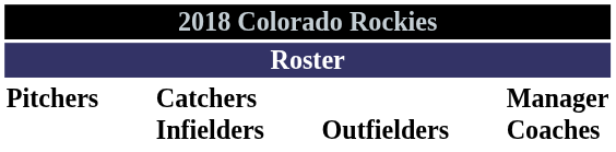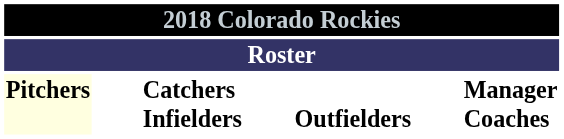 <table class="toccolours" style="font-size: 95%;">
 <tr>
 <th colspan="10" style="background-color: #000000; color: #C4CED4; text-align: center;">2018 Colorado Rockies</th>
 </tr>
 <tr>
 <td colspan="10" style="background-color: #333366; color: #FFFFFF; text-align: center;"><strong>Roster</strong></td>
 </tr>
 <tr>
-<td valign="top"><strong>Pitchers</strong><br>                    </td>
+<td valign="top" style="background: lightyellow;"><strong>Pitchers</strong><br>                    </td>
 <td width="25px"></td>
 <td valign="top"><strong>Catchers</strong><br>    <strong>Infielders</strong>        </td>
 <td width="25px"></td>
 <td valign="top"><br><strong>Outfielders</strong>        </td>
 <td width="25px"></td>
 <td valign="top"><strong>Manager</strong><br> <strong>Coaches</strong>                  </td>
 </tr>
 <tr>
 </tr>
 </table>
